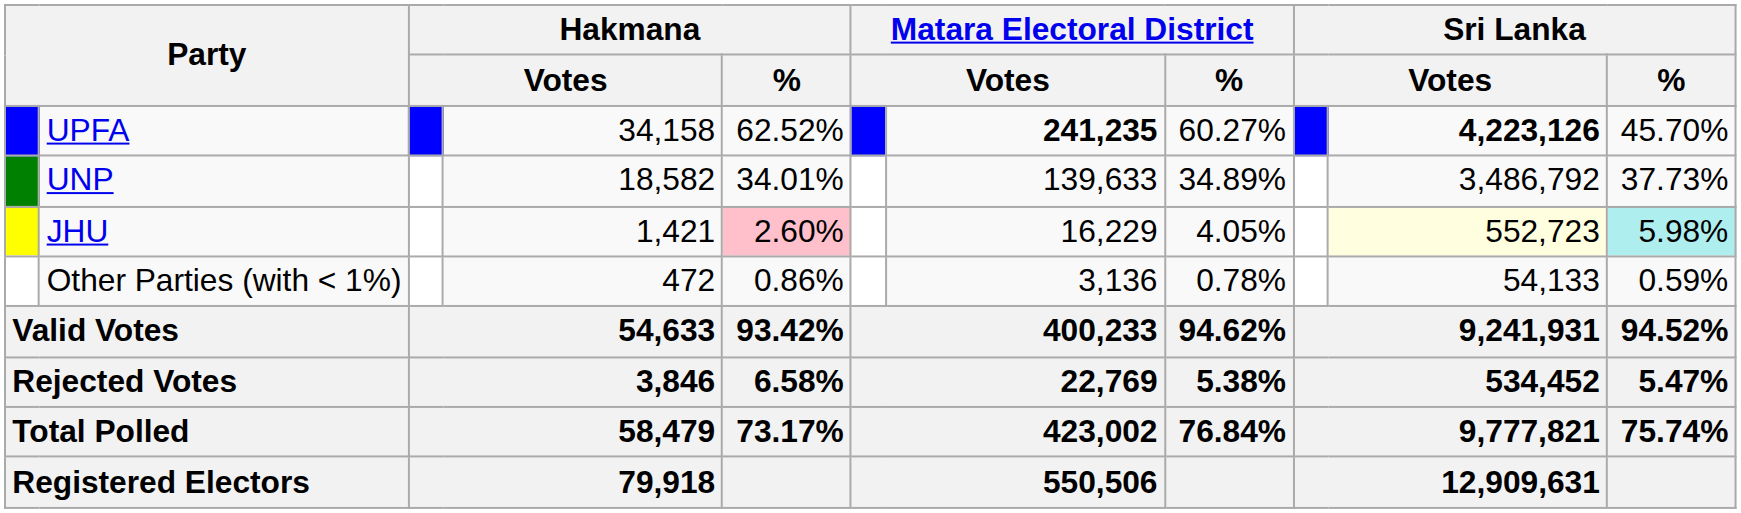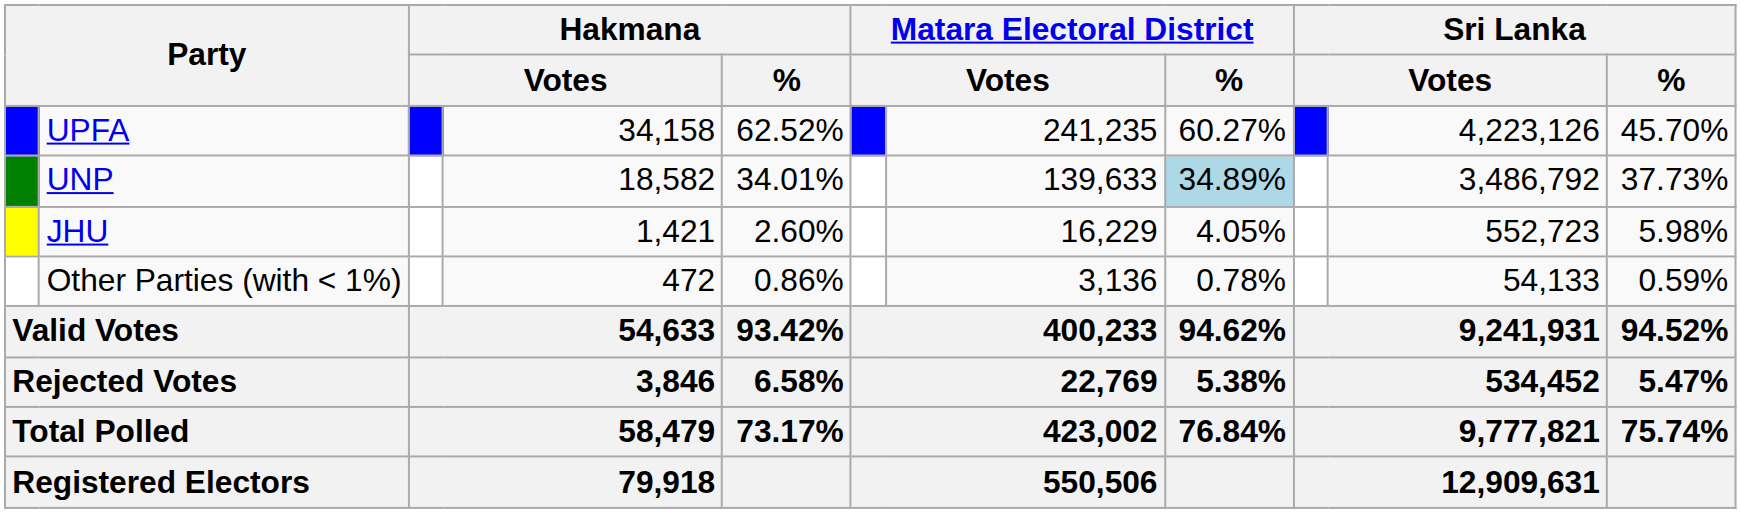 <table class="wikitable">
 <tr>
 <th colspan="2" width="144px"rowspan="2">Party</th>
 <th colspan="3" width="216px">Hakmana</th>
 <th colspan="3" width="216px"><a href='#'>Matara Electoral District</a></th>
 <th colspan="3" width="216px">Sri Lanka</th>
 </tr>
 <tr>
 <th colspan="2" width="144px">Votes</th>
 <th>%</th>
 <th colspan="2" width="144px">Votes</th>
 <th>%</th>
 <th colspan="2" width="144px">Votes</th>
 <th>%</th>
 </tr>
 <tr>
 <td style="background-color:blue;" width="10px"></td>
 <td style="text-align:left;"><a href='#'>UPFA</a></td>
 <td style="background-color:blue;" width="10px"></td>
 <td style="text-align:right;">34,158</td>
 <td style="text-align:right;">62.52%</td>
 <td style="background-color:blue;" width="10px"></td>
-<td style="text-align:right;"><strong>241,235</strong></td>
+<td style="text-align:right;">241,235</td>
 <td style="text-align:right;">60.27%</td>
 <td style="background-color:blue;" width="10px"></td>
-<td style="text-align:right;"><strong>4,223,126</strong></td>
+<td style="text-align:right;">4,223,126</td>
 <td style="text-align:right;">45.70%</td>
 </tr>
 <tr>
 <td style="background-color:green;" width="10px"></td>
 <td style="text-align:left;"><a href='#'>UNP</a></td>
 <td style="background-color:white;" width="10px"></td>
 <td style="text-align:right;">18,582</td>
 <td style="text-align:right;">34.01%</td>
 <td style="background-color:white;" width="10px"></td>
 <td style="text-align:right;">139,633</td>
-<td style="text-align:right;">34.89%</td>
+<td style="background: lightblue; text-align:right;">34.89%</td>
 <td style="background-color:white;" width="10px"></td>
 <td style="text-align:right;">3,486,792</td>
 <td style="text-align:right;">37.73%</td>
 </tr>
 <tr>
 <td style="background-color:yellow;" width="10px"></td>
 <td style="text-align:left;"><a href='#'>JHU</a></td>
 <td style="background-color:white;" width="10px"></td>
 <td style="text-align:right;">1,421</td>
-<td style="background: pink; text-align:right;">2.60%</td>
+<td style="text-align:right;">2.60%</td>
 <td style="background-color:white;" width="10px"></td>
 <td style="text-align:right;">16,229</td>
 <td style="text-align:right;">4.05%</td>
 <td style="background-color:white;" width="10px"></td>
-<td style="background: lightyellow; text-align:right;">552,723</td>
-<td style="background: paleturquoise; text-align:right;">5.98%</td>
+<td style="text-align:right;">552,723</td>
+<td style="text-align:right;">5.98%</td>
 </tr>
 <tr>
 <td style="background-color:white;" width="10px"></td>
 <td style="text-align:left;">Other Parties (with < 1%)</td>
 <td style="background-color:white;" width="10px"></td>
 <td style="text-align:right;">472</td>
 <td style="text-align:right;">0.86%</td>
 <td style="background-color:white;" width="10px"></td>
 <td style="text-align:right;">3,136</td>
 <td style="text-align:right;">0.78%</td>
 <td style="background-color:white;" width="10px"></td>
 <td style="text-align:right;">54,133</td>
 <td style="text-align:right;">0.59%</td>
 </tr>
 <tr>
 <th colspan="2" width="144px"style="text-align:left;">Valid Votes</th>
 <th style="text-align:right;"colspan="2" width="144px">54,633</th>
 <th style="text-align:right;">93.42%</th>
 <th style="text-align:right;"colspan="2" width="144px">400,233</th>
 <th style="text-align:right;">94.62%</th>
 <th style="text-align:right;"colspan="2" width="144px">9,241,931</th>
 <th style="text-align:right;">94.52%</th>
 </tr>
 <tr>
 <th colspan="2" width="144px"style="text-align:left;">Rejected Votes</th>
 <th style="text-align:right;"colspan="2" width="144px">3,846</th>
 <th style="text-align:right;">6.58%</th>
 <th style="text-align:right;"colspan="2" width="144px">22,769</th>
 <th style="text-align:right;">5.38%</th>
 <th style="text-align:right;"colspan="2" width="144px">534,452</th>
 <th style="text-align:right;">5.47%</th>
 </tr>
 <tr>
 <th colspan="2" width="144px"style="text-align:left;">Total Polled</th>
 <th style="text-align:right;"colspan="2" width="144px">58,479</th>
 <th style="text-align:right;">73.17%</th>
 <th style="text-align:right;"colspan="2" width="144px">423,002</th>
 <th style="text-align:right;">76.84%</th>
 <th style="text-align:right;"colspan="2" width="144px">9,777,821</th>
 <th style="text-align:right;">75.74%</th>
 </tr>
 <tr>
 <th colspan="2" width="144px"style="text-align:left;">Registered Electors</th>
 <th style="text-align:right;"colspan="2" width="144px">79,918</th>
 <th></th>
 <th style="text-align:right;"colspan="2" width="144px">550,506</th>
 <th></th>
 <th style="text-align:right;"colspan="2" width="144px">12,909,631</th>
 <th></th>
 </tr>
 </table>
